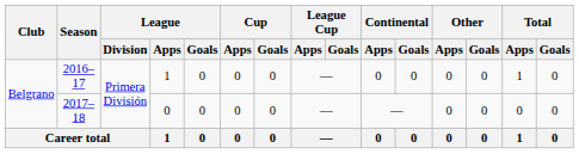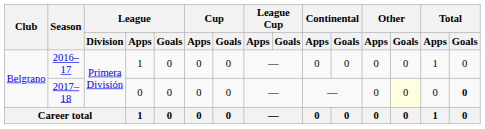 <table class="wikitable" style="text-align:center">
 <tr>
 <th rowspan="2">Club</th>
 <th rowspan="2">Season</th>
 <th colspan="3">League</th>
 <th colspan="2">Cup</th>
 <th colspan="2">League Cup</th>
 <th colspan="2">Continental</th>
 <th colspan="2">Other</th>
 <th colspan="2">Total</th>
 </tr>
 <tr>
 <th>Division</th>
 <th>Apps</th>
 <th>Goals</th>
 <th>Apps</th>
 <th>Goals</th>
 <th>Apps</th>
 <th>Goals</th>
 <th>Apps</th>
 <th>Goals</th>
 <th>Apps</th>
 <th>Goals</th>
 <th>Apps</th>
 <th>Goals</th>
 </tr>
 <tr>
 <td rowspan="2"><a href='#'>Belgrano</a></td>
 <td><a href='#'>2016–17</a></td>
 <td rowspan="2"><a href='#'>Primera División</a></td>
 <td>1</td>
 <td>0</td>
 <td>0</td>
 <td>0</td>
 <td colspan="2">—</td>
 <td>0</td>
 <td>0</td>
 <td>0</td>
 <td>0</td>
 <td>1</td>
 <td>0</td>
 </tr>
 <tr>
 <td><a href='#'>2017–18</a></td>
 <td>0</td>
 <td>0</td>
 <td>0</td>
 <td>0</td>
 <td colspan="2">—</td>
 <td colspan="2">—</td>
 <td>0</td>
+<td style="background: lightyellow;">0</td>
 <td>0</td>
-<td>0</td>
-<td>0</td>
+<td><strong>0</strong></td>
 </tr>
 <tr>
 <th colspan="3">Career total</th>
 <th>1</th>
 <th>0</th>
 <th>0</th>
 <th>0</th>
 <th colspan="2">—</th>
 <th>0</th>
 <th>0</th>
 <th>0</th>
 <th>0</th>
 <th>1</th>
 <th>0</th>
 </tr>
 </table>
